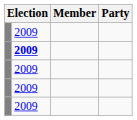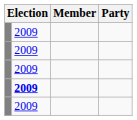 <table class="wikitable">
 <tr>
 <th colspan="2">Election</th>
 <th>Member</th>
 <th>Party</th>
+</tr>
+<tr>
+<td style="background-color: grey"></td>
+<td><a href='#'>2009</a></td>
+<td></td>
+<td></td>
+</tr>
+<tr>
+<td style="background-color: grey"></td>
+<td><a href='#'>2009</a></td>
+<td></td>
+<td></td>
 </tr>
 <tr>
 <td style="background-color: grey"></td>
 <td><a href='#'>2009</a></td>
 <td></td>
 <td></td>
 </tr>
 <tr>
 <td style="background-color: grey"></td>
 <td><strong><a href='#'>2009</a></strong></td>
 <td></td>
 <td></td>
 </tr>
 <tr>
 <td style="background-color: grey"></td>
 <td><a href='#'>2009</a></td>
 <td></td>
 <td></td>
 </tr>
-<tr>
-<td style="background-color: grey"></td>
-<td><a href='#'>2009</a></td>
-<td></td>
-<td></td>
-</tr>
-<tr>
-<td style="background-color: grey"></td>
-<td><a href='#'>2009</a></td>
-<td></td>
-<td></td>
-</tr>
 </table>
